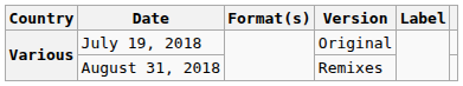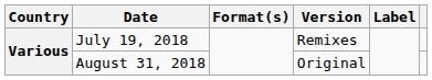 <table class="wikitable plainrowheaders">
 <tr>
 <th scope="col">Country</th>
 <th scope="col">Date</th>
 <th scope="col">Format(s)</th>
 <th scope="col">Version</th>
 <th scope="col">Label</th>
 <th scope="col"></th>
 </tr>
 <tr>
 <th scope="row" rowspan="2">Various</th>
 <td>July 19, 2018</td>
 <td rowspan="2"></td>
-<td>Original</td>
+<td>Remixes</td>
 <td rowspan="2"></td>
 <td style="text-align:center;"></td>
 </tr>
 <tr>
 <td>August 31, 2018</td>
-<td>Remixes</td>
+<td>Original</td>
 <td style="text-align:center;"></td>
 </tr>
 </table>
